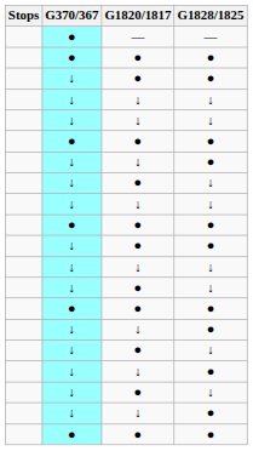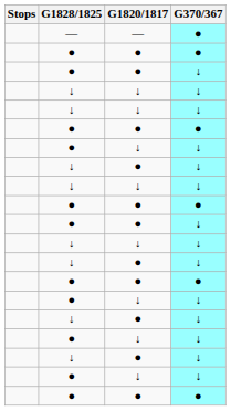 <table class="wikitable" style="text-align: center">
 <tr>
 <th>Stops</th>
+<th>G1828/1825</th>
+<th>G1820/1817</th>
 <th>G370/367</th>
-<th>G1820/1817</th>
-<th>G1828/1825</th>
 </tr>
 <tr>
 <td></td>
-<td style="background:#99FFFF">●</td>
 <td>—</td>
 <td>—</td>
+<td style="background:#99FFFF">●</td>
 </tr>
 <tr>
 <td></td>
-<td style="background:#99FFFF">●</td>
 <td>●</td>
 <td>●</td>
+<td style="background:#99FFFF">●</td>
 </tr>
 <tr>
 <td></td>
-<td style="background:#99FFFF">↓</td>
 <td>●</td>
 <td>●</td>
+<td style="background:#99FFFF">↓</td>
 </tr>
 <tr>
 <td></td>
-<td style="background:#99FFFF">↓</td>
 <td>↓</td>
 <td>↓</td>
+<td style="background:#99FFFF">↓</td>
 </tr>
 <tr>
 <td></td>
-<td style="background:#99FFFF">↓</td>
 <td>↓</td>
 <td>↓</td>
+<td style="background:#99FFFF">↓</td>
 </tr>
 <tr>
 <td></td>
-<td style="background:#99FFFF">●</td>
 <td>●</td>
 <td>●</td>
+<td style="background:#99FFFF">●</td>
 </tr>
 <tr>
 <td></td>
+<td>●</td>
+<td>↓</td>
 <td style="background:#99FFFF">↓</td>
-<td>↓</td>
-<td>●</td>
 </tr>
 <tr>
 <td></td>
+<td>↓</td>
+<td>●</td>
 <td style="background:#99FFFF">↓</td>
-<td>●</td>
-<td>↓</td>
 </tr>
 <tr>
 <td></td>
-<td style="background:#99FFFF">↓</td>
 <td>↓</td>
 <td>↓</td>
+<td style="background:#99FFFF">↓</td>
 </tr>
 <tr>
 <td></td>
-<td style="background:#99FFFF">●</td>
 <td>●</td>
 <td>●</td>
+<td style="background:#99FFFF">●</td>
 </tr>
 <tr>
 <td></td>
-<td style="background:#99FFFF">↓</td>
 <td>●</td>
 <td>●</td>
+<td style="background:#99FFFF">↓</td>
 </tr>
 <tr>
 <td></td>
-<td style="background:#99FFFF">↓</td>
 <td>↓</td>
 <td>↓</td>
+<td style="background:#99FFFF">↓</td>
 </tr>
 <tr>
 <td></td>
+<td>↓</td>
+<td>●</td>
 <td style="background:#99FFFF">↓</td>
-<td>●</td>
-<td>↓</td>
 </tr>
 <tr>
 <td></td>
-<td style="background:#99FFFF">●</td>
 <td>●</td>
 <td>●</td>
+<td style="background:#99FFFF">●</td>
 </tr>
 <tr>
 <td></td>
+<td>●</td>
+<td>↓</td>
 <td style="background:#99FFFF">↓</td>
-<td>↓</td>
-<td>●</td>
 </tr>
 <tr>
 <td></td>
+<td>↓</td>
+<td>●</td>
 <td style="background:#99FFFF">↓</td>
-<td>●</td>
-<td>↓</td>
 </tr>
 <tr>
 <td></td>
+<td>●</td>
+<td>↓</td>
 <td style="background:#99FFFF">↓</td>
-<td>↓</td>
-<td>●</td>
 </tr>
 <tr>
 <td></td>
+<td>↓</td>
+<td>●</td>
 <td style="background:#99FFFF">↓</td>
-<td>●</td>
-<td>↓</td>
 </tr>
 <tr>
 <td></td>
+<td>●</td>
+<td>↓</td>
 <td style="background:#99FFFF">↓</td>
-<td>↓</td>
-<td>●</td>
 </tr>
 <tr>
 <td></td>
-<td style="background:#99FFFF">●</td>
 <td>●</td>
 <td>●</td>
+<td style="background:#99FFFF">●</td>
 </tr>
 </table>
